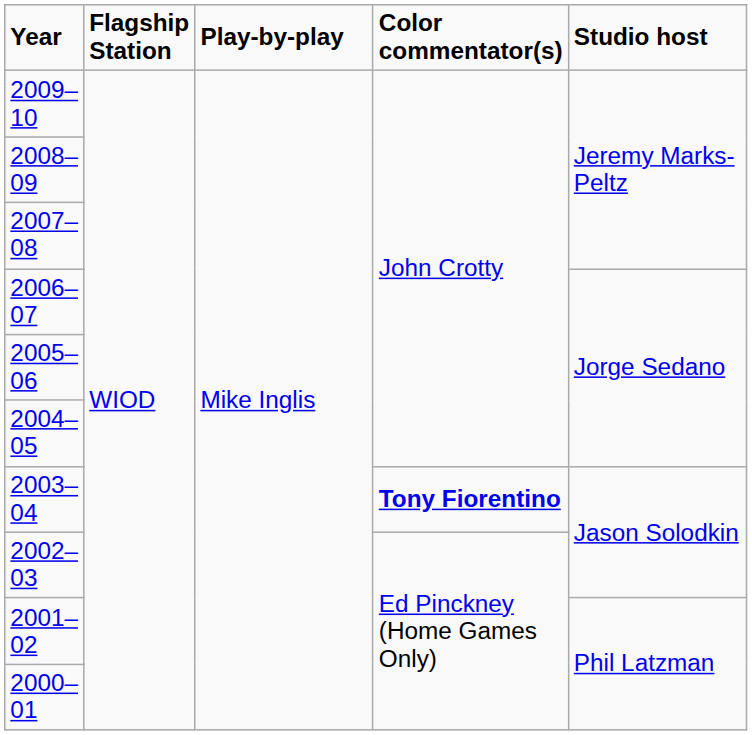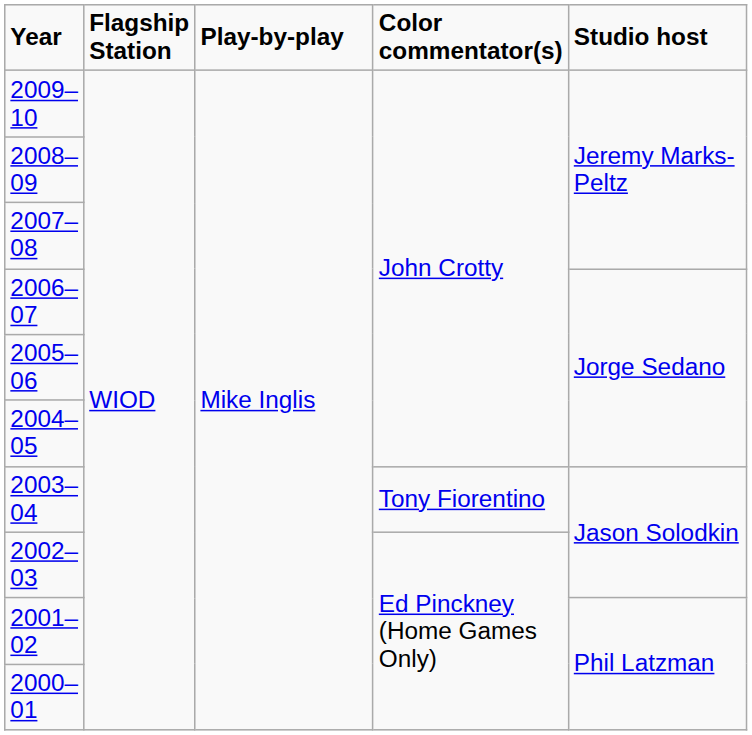 <table class="wikitable">
 <tr>
 <td width="40"><strong>Year</strong></td>
 <td width="40"><strong>Flagship Station</strong></td>
 <td width="110"><strong>Play-by-play</strong></td>
 <td width="110"><strong>Color commentator(s)</strong></td>
 <td width="110"><strong>Studio host</strong></td>
 </tr>
 <tr>
 <td><a href='#'>2009–10</a></td>
 <td rowspan=10><a href='#'>WIOD</a></td>
 <td rowspan=10><a href='#'>Mike Inglis</a></td>
 <td rowspan=6><a href='#'>John Crotty</a></td>
 <td rowspan=3><a href='#'>Jeremy Marks-Peltz</a></td>
 </tr>
 <tr>
 <td><a href='#'>2008–09</a></td>
 </tr>
 <tr>
 <td><a href='#'>2007–08</a></td>
 </tr>
 <tr>
 <td><a href='#'>2006–07</a></td>
 <td rowspan=3><a href='#'>Jorge Sedano</a></td>
 </tr>
 <tr>
 <td><a href='#'>2005–06</a></td>
 </tr>
 <tr>
 <td><a href='#'>2004–05</a></td>
 </tr>
 <tr>
 <td><a href='#'>2003–04</a></td>
-<td><strong><a href='#'>Tony Fiorentino</a></strong></td>
+<td><a href='#'>Tony Fiorentino</a></td>
 <td rowspan=2><a href='#'>Jason Solodkin</a></td>
 </tr>
 <tr>
 <td><a href='#'>2002–03</a></td>
 <td rowspan=3><a href='#'>Ed Pinckney</a> (Home Games Only)</td>
 </tr>
 <tr>
 <td><a href='#'>2001–02</a></td>
 <td rowspan=2><a href='#'>Phil Latzman</a></td>
 </tr>
 <tr>
 <td><a href='#'>2000–01</a></td>
 </tr>
 </table>
